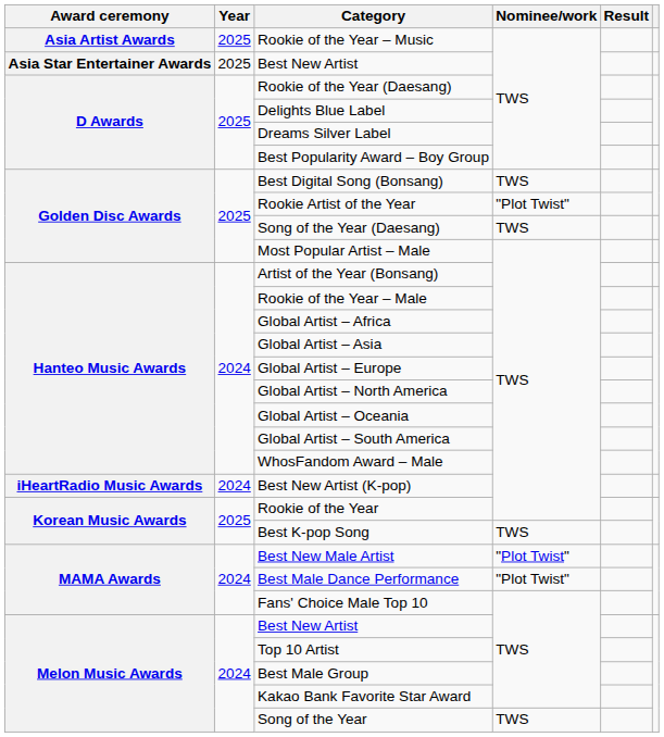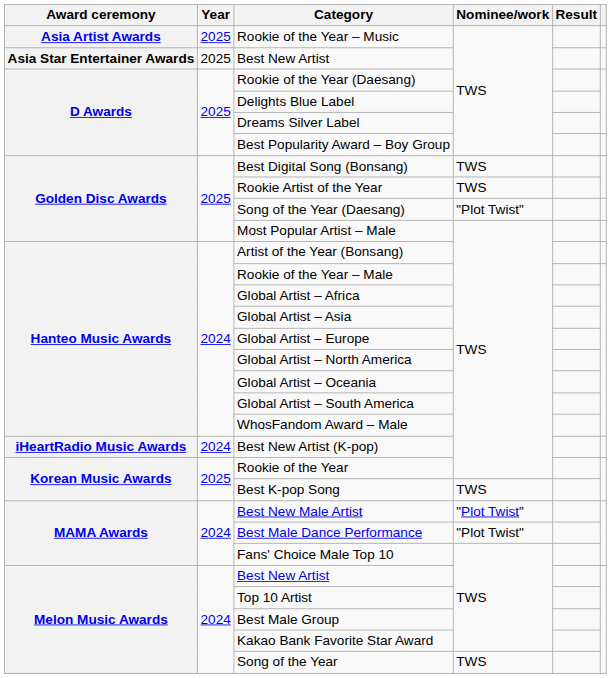 <table class="wikitable plainrowheaders sortable">
 <tr>
 <th scope="col">Award ceremony </th>
 <th scope="col">Year</th>
 <th scope="col">Category </th>
 <th scope="col">Nominee/work</th>
 <th scope="col">Result</th>
 <th scope="col" class="unsortable"></th>
 </tr>
 <tr>
 <th scope="row"><a href='#'>Asia Artist Awards</a></th>
 <td style="text-align:center"><a href='#'>2025</a></td>
 <td>Rookie of the Year – Music</td>
 <td rowspan="6">TWS</td>
 <td></td>
 <td style="text-align:center"></td>
 </tr>
 <tr>
 <th scope="row">Asia Star Entertainer Awards</th>
 <td style="text-align:center">2025</td>
 <td>Best New Artist</td>
 <td></td>
 <td style="text-align:center"></td>
 </tr>
 <tr>
 <th scope="row" rowspan="4"><a href='#'>D Awards</a></th>
 <td rowspan="4" style="text-align:center"><a href='#'>2025</a></td>
 <td>Rookie of the Year (Daesang)</td>
 <td></td>
 <td rowspan="3" style="text-align:center"></td>
 </tr>
 <tr>
 <td>Delights Blue Label</td>
 <td></td>
 </tr>
 <tr>
 <td>Dreams Silver Label</td>
 <td></td>
 </tr>
 <tr>
 <td>Best Popularity Award – Boy Group</td>
 <td></td>
 <td style="text-align:center"></td>
 </tr>
 <tr>
 <th scope="row" rowspan="4"><a href='#'>Golden Disc Awards</a></th>
 <td style="text-align:center" rowspan="4"><a href='#'>2025</a></td>
 <td>Best Digital Song (Bonsang)</td>
 <td>TWS</td>
 <td></td>
 <td style="text-align:center" rowspan="2"></td>
 </tr>
 <tr>
 <td>Rookie Artist of the Year</td>
-<td>"Plot Twist"</td>
+<td>TWS</td>
 <td></td>
 </tr>
 <tr>
 <td>Song of the Year (Daesang)</td>
-<td>TWS</td>
+<td>"Plot Twist"</td>
 <td></td>
 <td style="text-align:center"></td>
 </tr>
 <tr>
 <td>Most Popular Artist – Male</td>
 <td rowspan="12">TWS</td>
 <td></td>
 <td style="text-align:center"></td>
 </tr>
 <tr>
 <th scope="row" rowspan="9"><a href='#'>Hanteo Music Awards</a></th>
 <td style="text-align:center" rowspan="9"><a href='#'>2024</a></td>
 <td>Artist of the Year (Bonsang)</td>
 <td></td>
 <td style="text-align:center"></td>
 </tr>
 <tr>
 <td>Rookie of the Year – Male</td>
 <td></td>
 <td style="text-align:center" rowspan="8"></td>
 </tr>
 <tr>
 <td>Global Artist – Africa</td>
 <td></td>
 </tr>
 <tr>
 <td>Global Artist – Asia</td>
 <td></td>
 </tr>
 <tr>
 <td>Global Artist – Europe</td>
 <td></td>
 </tr>
 <tr>
 <td>Global Artist – North America</td>
 <td></td>
 </tr>
 <tr>
 <td>Global Artist – Oceania</td>
 <td></td>
 </tr>
 <tr>
 <td>Global Artist – South America</td>
 <td></td>
 </tr>
 <tr>
 <td>WhosFandom Award – Male</td>
 <td></td>
 </tr>
 <tr>
 <th scope="row"><a href='#'>iHeartRadio Music Awards</a></th>
 <td style="text-align:center"><a href='#'>2024</a></td>
 <td>Best New Artist (K-pop)</td>
 <td></td>
 <td style="text-align:center"></td>
 </tr>
 <tr>
 <th scope="row" rowspan="2"><a href='#'>Korean Music Awards</a></th>
 <td style="text-align:center" rowspan="2"><a href='#'>2025</a></td>
 <td>Rookie of the Year</td>
 <td></td>
 <td style="text-align:center" rowspan="2"></td>
 </tr>
 <tr>
 <td>Best K-pop Song</td>
 <td>TWS</td>
 <td></td>
 </tr>
 <tr>
 <th scope="row" rowspan="3"><a href='#'>MAMA Awards</a></th>
 <td rowspan="3" style="text-align:center"><a href='#'>2024</a></td>
 <td><a href='#'>Best New Male Artist</a></td>
 <td>"<a href='#'>Plot Twist</a>"</td>
 <td></td>
 <td style="text-align:center" rowspan="3"></td>
 </tr>
 <tr>
 <td><a href='#'>Best Male Dance Performance</a></td>
 <td>"Plot Twist"</td>
 <td></td>
 </tr>
 <tr>
 <td>Fans' Choice Male Top 10</td>
 <td rowspan="5">TWS</td>
 <td></td>
 </tr>
 <tr>
 <th scope="row" rowspan="5"><a href='#'>Melon Music Awards</a></th>
 <td rowspan="5" style="text-align:center"><a href='#'>2024</a></td>
 <td><a href='#'>Best New Artist</a></td>
 <td></td>
 <td style="text-align:center" rowspan="5"></td>
 </tr>
 <tr>
 <td>Top 10 Artist</td>
 <td></td>
 </tr>
 <tr>
 <td>Best Male Group</td>
 <td></td>
 </tr>
 <tr>
 <td>Kakao Bank Favorite Star Award</td>
 <td></td>
 </tr>
 <tr>
 <td>Song of the Year</td>
 <td>TWS</td>
 <td></td>
 </tr>
 </table>
